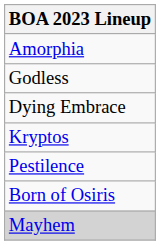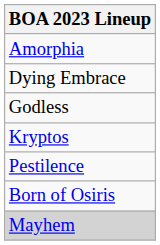 <table class="wikitable">
 <tr>
 <th>BOA 2023 Lineup</th>
 </tr>
 <tr>
 <td><a href='#'>Amorphia</a></td>
 </tr>
 <tr>
-<td>Godless</td>
+<td>Dying Embrace</td>
 </tr>
 <tr>
-<td>Dying Embrace</td>
+<td>Godless</td>
 </tr>
 <tr>
 <td><a href='#'>Kryptos</a></td>
 </tr>
 <tr>
 <td><a href='#'>Pestilence</a></td>
 </tr>
 <tr>
 <td><a href='#'>Born of Osiris</a></td>
 </tr>
 <tr>
 <td style="background: lightgrey;"><a href='#'>Mayhem</a></td>
 </tr>
 </table>
